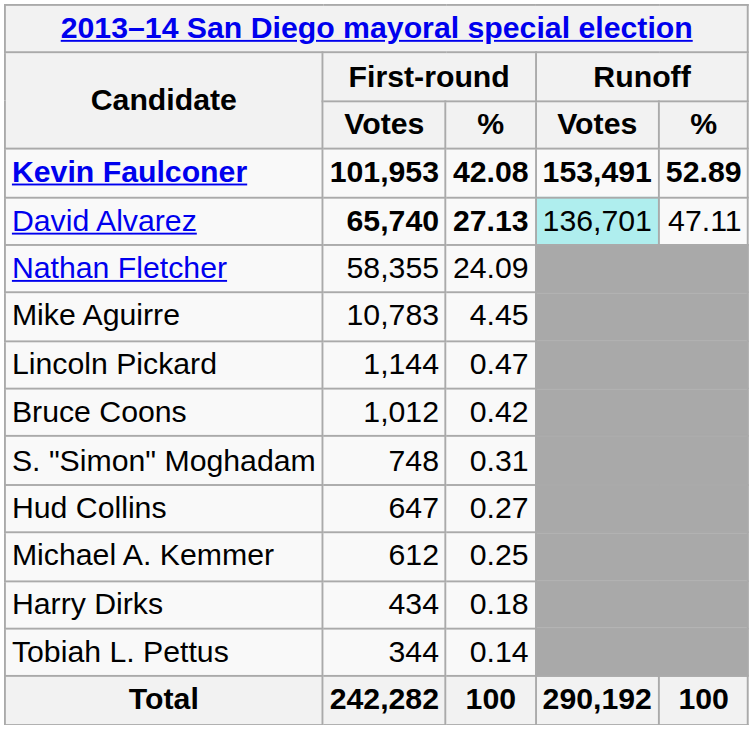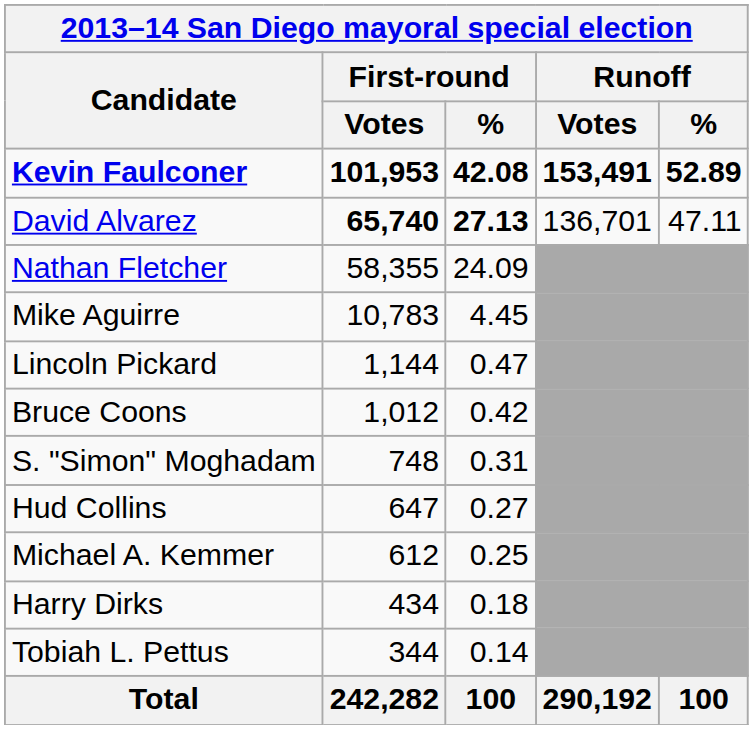 <table class=wikitable>
 <tr>
 <th colspan=5><a href='#'>2013–14 San Diego mayoral special election</a></th>
 </tr>
 <tr>
 <th colspan=1 rowspan=2>Candidate</th>
 <th colspan=2>First-round</th>
 <th colspan=2>Runoff</th>
 </tr>
 <tr>
 <th>Votes</th>
 <th>%</th>
 <th>Votes</th>
 <th>%</th>
 </tr>
 <tr>
 <td><strong><a href='#'>Kevin Faulconer</a></strong></td>
 <td align="right"><strong>101,953</strong></td>
 <td align="right"><strong>42.08</strong></td>
 <td align="right"><strong>153,491</strong></td>
 <td align="right"><strong>52.89</strong></td>
 </tr>
 <tr>
 <td><a href='#'>David Alvarez</a></td>
 <td align="right"><strong>65,740</strong></td>
 <td align="right"><strong>27.13</strong></td>
-<td align="right" style="background: paleturquoise;">136,701</td>
+<td align="right">136,701</td>
 <td align="right">47.11</td>
 </tr>
 <tr>
 <td><a href='#'>Nathan Fletcher</a></td>
 <td align="right">58,355</td>
 <td align="right">24.09</td>
 <td colspan=2 bgcolor=darkgray></td>
 </tr>
 <tr>
 <td>Mike Aguirre</td>
 <td align="right">10,783</td>
 <td align="right">4.45</td>
 <td colspan=2 bgcolor=darkgray></td>
 </tr>
 <tr>
 <td>Lincoln Pickard</td>
 <td align="right">1,144</td>
 <td align="right">0.47</td>
 <td colspan=2 bgcolor=darkgray></td>
 </tr>
 <tr>
 <td>Bruce Coons</td>
 <td align="right">1,012</td>
 <td align="right">0.42</td>
 <td colspan=2 bgcolor=darkgray></td>
 </tr>
 <tr>
 <td>S. "Simon" Moghadam</td>
 <td align="right">748</td>
 <td align="right">0.31</td>
 <td colspan=2 bgcolor=darkgray></td>
 </tr>
 <tr>
 <td>Hud Collins</td>
 <td align="right">647</td>
 <td align="right">0.27</td>
 <td colspan=2 bgcolor=darkgray></td>
 </tr>
 <tr>
 <td>Michael A. Kemmer</td>
 <td align="right">612</td>
 <td align="right">0.25</td>
 <td colspan=2 bgcolor=darkgray></td>
 </tr>
 <tr>
 <td>Harry Dirks</td>
 <td align="right">434</td>
 <td align="right">0.18</td>
 <td colspan=2 bgcolor=darkgray></td>
 </tr>
 <tr>
 <td>Tobiah L. Pettus</td>
 <td align="right">344</td>
 <td align="right">0.14</td>
 <td colspan=2 bgcolor=darkgray></td>
 </tr>
 <tr>
 <th>Total</th>
 <th>242,282</th>
 <th>100</th>
 <th>290,192</th>
 <th>100</th>
 </tr>
 </table>
